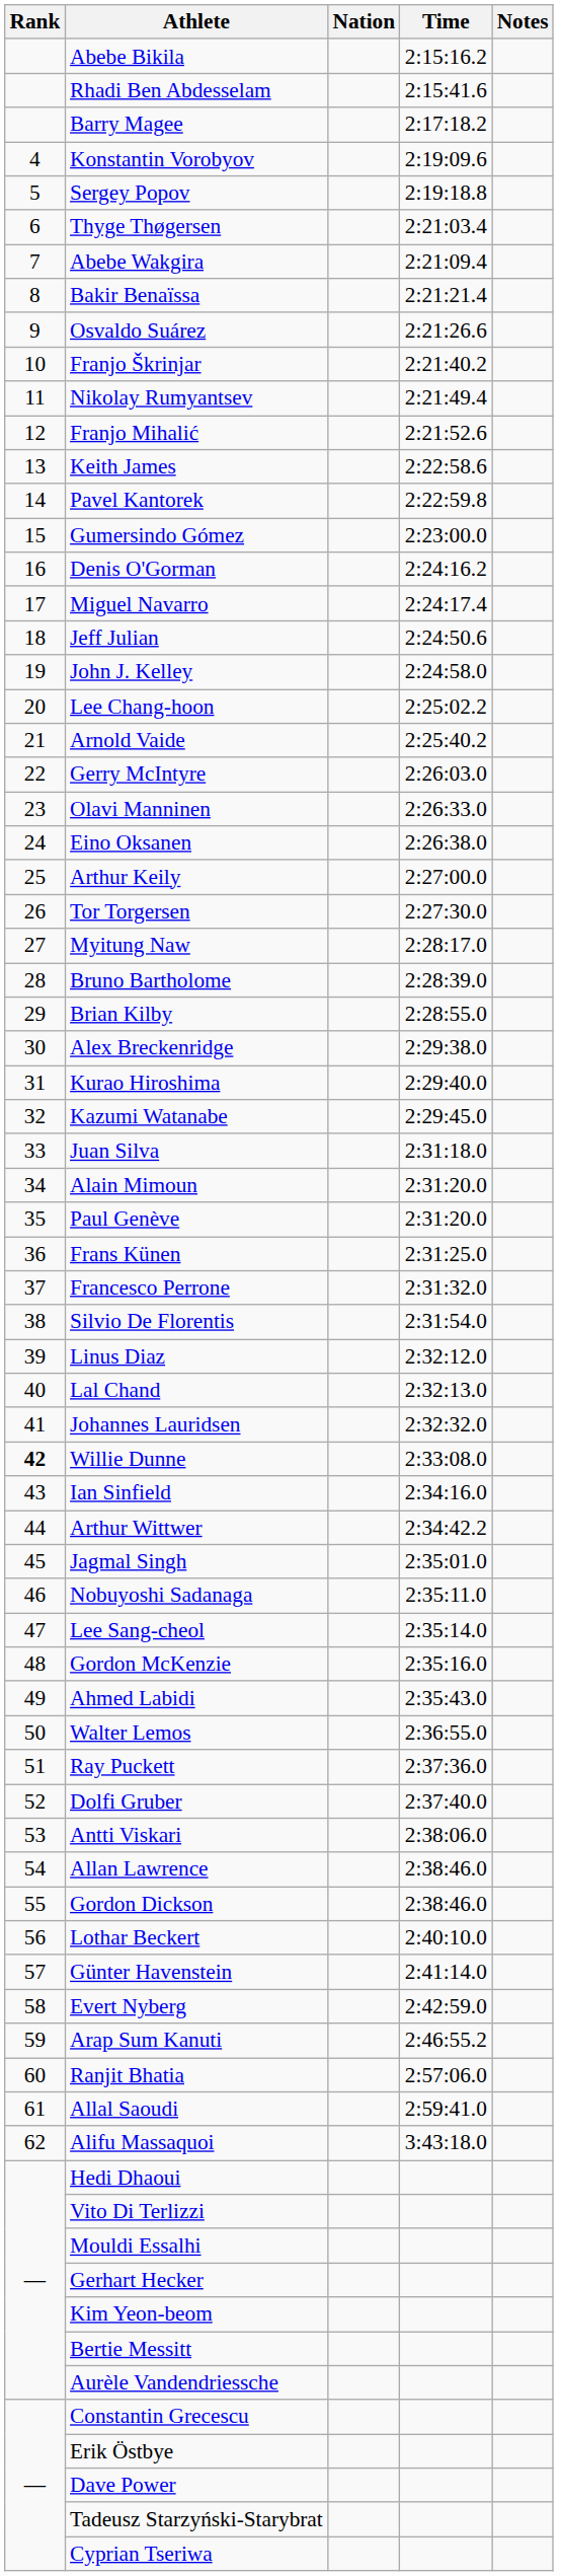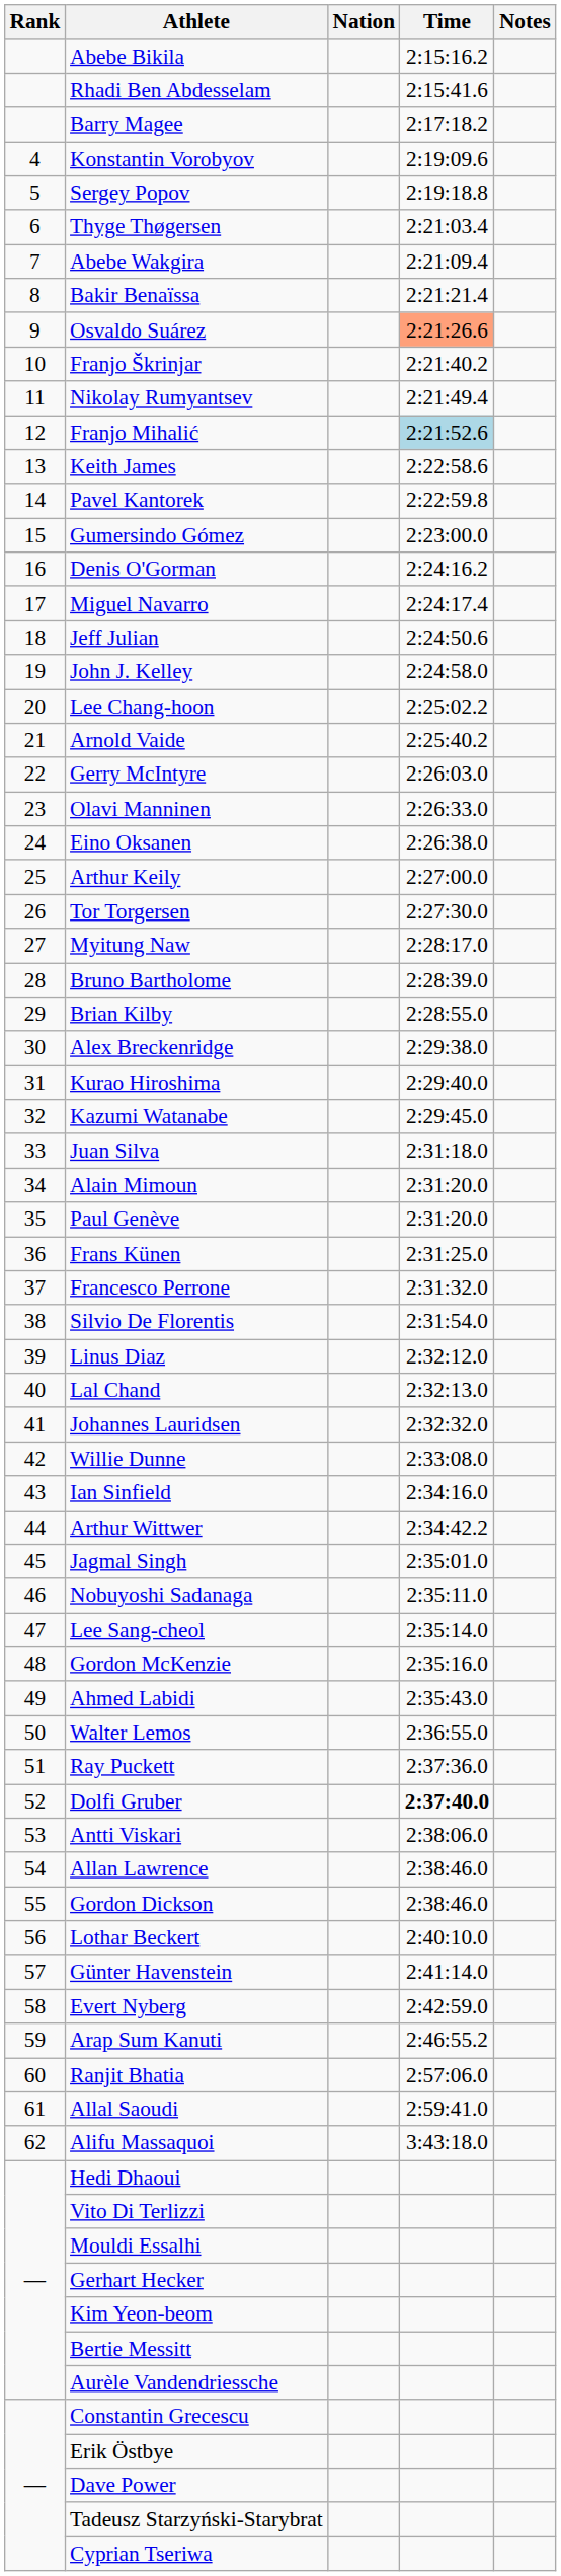 <table class="wikitable sortable" style="text-align:center">
 <tr>
 <th>Rank</th>
 <th>Athlete</th>
 <th>Nation</th>
 <th>Time</th>
 <th>Notes</th>
 </tr>
 <tr>
 <td></td>
 <td align=left><a href='#'>Abebe Bikila</a></td>
 <td align=left></td>
 <td>2:15:16.2</td>
 <td></td>
 </tr>
 <tr>
 <td></td>
 <td align=left><a href='#'>Rhadi Ben Abdesselam</a></td>
 <td align=left></td>
 <td>2:15:41.6</td>
 <td></td>
 </tr>
 <tr>
 <td></td>
 <td align=left><a href='#'>Barry Magee</a></td>
 <td align=left></td>
 <td>2:17:18.2</td>
 <td></td>
 </tr>
 <tr>
 <td>4</td>
 <td align=left><a href='#'>Konstantin Vorobyov</a></td>
 <td align=left></td>
 <td>2:19:09.6</td>
 <td></td>
 </tr>
 <tr>
 <td>5</td>
 <td align=left><a href='#'>Sergey Popov</a></td>
 <td align=left></td>
 <td>2:19:18.8</td>
 <td></td>
 </tr>
 <tr>
 <td>6</td>
 <td align=left><a href='#'>Thyge Thøgersen</a></td>
 <td align=left></td>
 <td>2:21:03.4</td>
 <td></td>
 </tr>
 <tr>
 <td>7</td>
 <td align=left><a href='#'>Abebe Wakgira</a></td>
 <td align=left></td>
 <td>2:21:09.4</td>
 <td></td>
 </tr>
 <tr>
 <td>8</td>
 <td align=left><a href='#'>Bakir Benaïssa</a></td>
 <td align=left></td>
 <td>2:21:21.4</td>
 <td></td>
 </tr>
 <tr>
 <td>9</td>
 <td align=left><a href='#'>Osvaldo Suárez</a></td>
 <td align=left></td>
-<td>2:21:26.6</td>
+<td style="background: lightsalmon;">2:21:26.6</td>
 <td></td>
 </tr>
 <tr>
 <td>10</td>
 <td align=left><a href='#'>Franjo Škrinjar</a></td>
 <td align=left></td>
 <td>2:21:40.2</td>
 <td></td>
 </tr>
 <tr>
 <td>11</td>
 <td align=left><a href='#'>Nikolay Rumyantsev</a></td>
 <td align=left></td>
 <td>2:21:49.4</td>
 <td></td>
 </tr>
 <tr>
 <td>12</td>
 <td align=left><a href='#'>Franjo Mihalić</a></td>
 <td align=left></td>
-<td>2:21:52.6</td>
+<td style="background: lightblue;">2:21:52.6</td>
 <td></td>
 </tr>
 <tr>
 <td>13</td>
 <td align=left><a href='#'>Keith James</a></td>
 <td align=left></td>
 <td>2:22:58.6</td>
 <td></td>
 </tr>
 <tr>
 <td>14</td>
 <td align=left><a href='#'>Pavel Kantorek</a></td>
 <td align=left></td>
 <td>2:22:59.8</td>
 <td></td>
 </tr>
 <tr>
 <td>15</td>
 <td align=left><a href='#'>Gumersindo Gómez</a></td>
 <td align=left></td>
 <td>2:23:00.0</td>
 <td></td>
 </tr>
 <tr>
 <td>16</td>
 <td align=left><a href='#'>Denis O'Gorman</a></td>
 <td align=left></td>
 <td>2:24:16.2</td>
 <td></td>
 </tr>
 <tr>
 <td>17</td>
 <td align=left><a href='#'>Miguel Navarro</a></td>
 <td align=left></td>
 <td>2:24:17.4</td>
 <td></td>
 </tr>
 <tr>
 <td>18</td>
 <td align=left><a href='#'>Jeff Julian</a></td>
 <td align=left></td>
 <td>2:24:50.6</td>
 <td></td>
 </tr>
 <tr>
 <td>19</td>
 <td align=left><a href='#'>John J. Kelley</a></td>
 <td align=left></td>
 <td>2:24:58.0</td>
 <td></td>
 </tr>
 <tr>
 <td>20</td>
 <td align=left><a href='#'>Lee Chang-hoon</a></td>
 <td align=left></td>
 <td>2:25:02.2</td>
 <td></td>
 </tr>
 <tr>
 <td>21</td>
 <td align=left><a href='#'>Arnold Vaide</a></td>
 <td align=left></td>
 <td>2:25:40.2</td>
 <td></td>
 </tr>
 <tr>
 <td>22</td>
 <td align=left><a href='#'>Gerry McIntyre</a></td>
 <td align=left></td>
 <td>2:26:03.0</td>
 <td></td>
 </tr>
 <tr>
 <td>23</td>
 <td align=left><a href='#'>Olavi Manninen</a></td>
 <td align=left></td>
 <td>2:26:33.0</td>
 <td></td>
 </tr>
 <tr>
 <td>24</td>
 <td align=left><a href='#'>Eino Oksanen</a></td>
 <td align=left></td>
 <td>2:26:38.0</td>
 <td></td>
 </tr>
 <tr>
 <td>25</td>
 <td align=left><a href='#'>Arthur Keily</a></td>
 <td align=left></td>
 <td>2:27:00.0</td>
 <td></td>
 </tr>
 <tr>
 <td>26</td>
 <td align=left><a href='#'>Tor Torgersen</a></td>
 <td align=left></td>
 <td>2:27:30.0</td>
 <td></td>
 </tr>
 <tr>
 <td>27</td>
 <td align=left><a href='#'>Myitung Naw</a></td>
 <td align=left></td>
 <td>2:28:17.0</td>
 <td></td>
 </tr>
 <tr>
 <td>28</td>
 <td align=left><a href='#'>Bruno Bartholome</a></td>
 <td align=left></td>
 <td>2:28:39.0</td>
 <td></td>
 </tr>
 <tr>
 <td>29</td>
 <td align=left><a href='#'>Brian Kilby</a></td>
 <td align=left></td>
 <td>2:28:55.0</td>
 <td></td>
 </tr>
 <tr>
 <td>30</td>
 <td align=left><a href='#'>Alex Breckenridge</a></td>
 <td align=left></td>
 <td>2:29:38.0</td>
 <td></td>
 </tr>
 <tr>
 <td>31</td>
 <td align=left><a href='#'>Kurao Hiroshima</a></td>
 <td align=left></td>
 <td>2:29:40.0</td>
 <td></td>
 </tr>
 <tr>
 <td>32</td>
 <td align=left><a href='#'>Kazumi Watanabe</a></td>
 <td align=left></td>
 <td>2:29:45.0</td>
 <td></td>
 </tr>
 <tr>
 <td>33</td>
 <td align=left><a href='#'>Juan Silva</a></td>
 <td align=left></td>
 <td>2:31:18.0</td>
 <td></td>
 </tr>
 <tr>
 <td>34</td>
 <td align=left><a href='#'>Alain Mimoun</a></td>
 <td align=left></td>
 <td>2:31:20.0</td>
 <td></td>
 </tr>
 <tr>
 <td>35</td>
 <td align=left><a href='#'>Paul Genève</a></td>
 <td align=left></td>
 <td>2:31:20.0</td>
 <td></td>
 </tr>
 <tr>
 <td>36</td>
 <td align=left><a href='#'>Frans Künen</a></td>
 <td align=left></td>
 <td>2:31:25.0</td>
 <td></td>
 </tr>
 <tr>
 <td>37</td>
 <td align=left><a href='#'>Francesco Perrone</a></td>
 <td align=left></td>
 <td>2:31:32.0</td>
 <td></td>
 </tr>
 <tr>
 <td>38</td>
 <td align=left><a href='#'>Silvio De Florentis</a></td>
 <td align=left></td>
 <td>2:31:54.0</td>
 <td></td>
 </tr>
 <tr>
 <td>39</td>
 <td align=left><a href='#'>Linus Diaz</a></td>
 <td align=left></td>
 <td>2:32:12.0</td>
 <td></td>
 </tr>
 <tr>
 <td>40</td>
 <td align=left><a href='#'>Lal Chand</a></td>
 <td align=left></td>
 <td>2:32:13.0</td>
 <td></td>
 </tr>
 <tr>
 <td>41</td>
 <td align=left><a href='#'>Johannes Lauridsen</a></td>
 <td align=left></td>
 <td>2:32:32.0</td>
 <td></td>
 </tr>
 <tr>
-<td><strong>42</strong></td>
+<td>42</td>
 <td align=left><a href='#'>Willie Dunne</a></td>
 <td align=left></td>
 <td>2:33:08.0</td>
 <td></td>
 </tr>
 <tr>
 <td>43</td>
 <td align=left><a href='#'>Ian Sinfield</a></td>
 <td align=left></td>
 <td>2:34:16.0</td>
 <td></td>
 </tr>
 <tr>
 <td>44</td>
 <td align=left><a href='#'>Arthur Wittwer</a></td>
 <td align=left></td>
 <td>2:34:42.2</td>
 <td></td>
 </tr>
 <tr>
 <td>45</td>
 <td align=left><a href='#'>Jagmal Singh</a></td>
 <td align=left></td>
 <td>2:35:01.0</td>
 <td></td>
 </tr>
 <tr>
 <td>46</td>
 <td align=left><a href='#'>Nobuyoshi Sadanaga</a></td>
 <td align=left></td>
 <td>2:35:11.0</td>
 <td></td>
 </tr>
 <tr>
 <td>47</td>
 <td align=left><a href='#'>Lee Sang-cheol</a></td>
 <td align=left></td>
 <td>2:35:14.0</td>
 <td></td>
 </tr>
 <tr>
 <td>48</td>
 <td align=left><a href='#'>Gordon McKenzie</a></td>
 <td align=left></td>
 <td>2:35:16.0</td>
 <td></td>
 </tr>
 <tr>
 <td>49</td>
 <td align=left><a href='#'>Ahmed Labidi</a></td>
 <td align=left></td>
 <td>2:35:43.0</td>
 <td></td>
 </tr>
 <tr>
 <td>50</td>
 <td align=left><a href='#'>Walter Lemos</a></td>
 <td align=left></td>
 <td>2:36:55.0</td>
 <td></td>
 </tr>
 <tr>
 <td>51</td>
 <td align=left><a href='#'>Ray Puckett</a></td>
 <td align=left></td>
 <td>2:37:36.0</td>
 <td></td>
 </tr>
 <tr>
 <td>52</td>
 <td align=left><a href='#'>Dolfi Gruber</a></td>
 <td align=left></td>
-<td>2:37:40.0</td>
+<td><strong>2:37:40.0</strong></td>
 <td></td>
 </tr>
 <tr>
 <td>53</td>
 <td align=left><a href='#'>Antti Viskari</a></td>
 <td align=left></td>
 <td>2:38:06.0</td>
 <td></td>
 </tr>
 <tr>
 <td>54</td>
 <td align=left><a href='#'>Allan Lawrence</a></td>
 <td align=left></td>
 <td>2:38:46.0</td>
 <td></td>
 </tr>
 <tr>
 <td>55</td>
 <td align=left><a href='#'>Gordon Dickson</a></td>
 <td align=left></td>
 <td>2:38:46.0</td>
 <td></td>
 </tr>
 <tr>
 <td>56</td>
 <td align=left><a href='#'>Lothar Beckert</a></td>
 <td align=left></td>
 <td>2:40:10.0</td>
 <td></td>
 </tr>
 <tr>
 <td>57</td>
 <td align=left><a href='#'>Günter Havenstein</a></td>
 <td align=left></td>
 <td>2:41:14.0</td>
 <td></td>
 </tr>
 <tr>
 <td>58</td>
 <td align=left><a href='#'>Evert Nyberg</a></td>
 <td align=left></td>
 <td>2:42:59.0</td>
 <td></td>
 </tr>
 <tr>
 <td>59</td>
 <td align=left><a href='#'>Arap Sum Kanuti</a></td>
 <td align=left></td>
 <td>2:46:55.2</td>
 <td></td>
 </tr>
 <tr>
 <td>60</td>
 <td align=left><a href='#'>Ranjit Bhatia</a></td>
 <td align=left></td>
 <td>2:57:06.0</td>
 <td></td>
 </tr>
 <tr>
 <td>61</td>
 <td align=left><a href='#'>Allal Saoudi</a></td>
 <td align=left></td>
 <td>2:59:41.0</td>
 <td></td>
 </tr>
 <tr>
 <td>62</td>
 <td align=left><a href='#'>Alifu Massaquoi</a></td>
 <td align=left></td>
 <td>3:43:18.0</td>
 <td></td>
 </tr>
 <tr>
 <td rowspan=7 data-sort-value=63>—</td>
 <td align=left><a href='#'>Hedi Dhaoui</a></td>
 <td align=left></td>
 <td data-sort-value=4:00:00.0></td>
 <td></td>
 </tr>
 <tr>
 <td align=left><a href='#'>Vito Di Terlizzi</a></td>
 <td align=left></td>
 <td data-sort-value=4:00:00.0></td>
 <td></td>
 </tr>
 <tr>
 <td align=left><a href='#'>Mouldi Essalhi</a></td>
 <td align=left></td>
 <td data-sort-value=4:00:00.0></td>
 <td></td>
 </tr>
 <tr>
 <td align=left><a href='#'>Gerhart Hecker</a></td>
 <td align=left></td>
 <td data-sort-value=4:00:00.0></td>
 <td></td>
 </tr>
 <tr>
 <td align=left><a href='#'>Kim Yeon-beom</a></td>
 <td align=left></td>
 <td data-sort-value=4:00:00.0></td>
 <td></td>
 </tr>
 <tr>
 <td align=left><a href='#'>Bertie Messitt</a></td>
 <td align=left></td>
 <td data-sort-value=4:00:00.0></td>
 <td></td>
 </tr>
 <tr>
 <td align=left><a href='#'>Aurèle Vandendriessche</a></td>
 <td align=left></td>
 <td data-sort-value=4:00:00.0></td>
 <td></td>
 </tr>
 <tr>
 <td rowspan=5 data-sort-value=63>—</td>
 <td align=left><a href='#'>Constantin Grecescu</a></td>
 <td align=left></td>
 <td data-sort-value=9:00:00.0></td>
 <td></td>
 </tr>
 <tr>
 <td align=left>Erik Östbye</td>
 <td align=left></td>
 <td data-sort-value=9:00:00.0></td>
 <td></td>
 </tr>
 <tr>
 <td align=left><a href='#'>Dave Power</a></td>
 <td align=left></td>
 <td data-sort-value=9:00:00.0></td>
 <td></td>
 </tr>
 <tr>
 <td align=left>Tadeusz Starzyński-Starybrat</td>
 <td align=left></td>
 <td data-sort-value=9:00:00.0></td>
 <td></td>
 </tr>
 <tr>
 <td align=left><a href='#'>Cyprian Tseriwa</a></td>
 <td align=left></td>
 <td data-sort-value=9:00:00.0></td>
 <td></td>
 </tr>
 </table>
